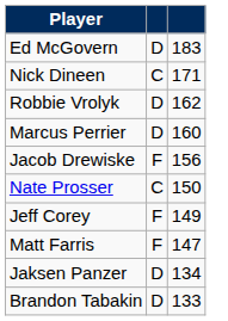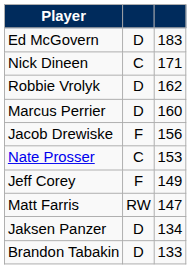 <table class="wikitable" style="text-align:center;">
 <tr>
 <th align="left" style="background:#002b5c; color:#FFFFFF;">Player</th>
 <th style="background:#002b5c; color:#FFFFFF;"></th>
 <th style="background:#002b5c; color:#FFFFFF;"></th>
 </tr>
 <tr>
 <td align="left">Ed McGovern</td>
 <td>D</td>
 <td>183</td>
 </tr>
 <tr>
 <td align="left">Nick Dineen</td>
 <td>C</td>
 <td>171</td>
 </tr>
 <tr>
 <td align="left">Robbie Vrolyk</td>
 <td>D</td>
 <td>162</td>
 </tr>
 <tr>
 <td align="left">Marcus Perrier</td>
 <td>D</td>
 <td>160</td>
 </tr>
 <tr>
 <td align="left">Jacob Drewiske</td>
 <td>F</td>
 <td>156</td>
 </tr>
 <tr>
 <td align="left"><a href='#'>Nate Prosser</a></td>
 <td>C</td>
-<td>150</td>
+<td>153</td>
 </tr>
 <tr>
 <td align="left">Jeff Corey</td>
 <td>F</td>
 <td>149</td>
 </tr>
 <tr>
 <td align="left">Matt Farris</td>
-<td>F</td>
+<td>RW</td>
 <td>147</td>
 </tr>
 <tr>
 <td align="left">Jaksen Panzer</td>
 <td>D</td>
 <td>134</td>
 </tr>
 <tr>
 <td align="left">Brandon Tabakin</td>
 <td>D</td>
 <td>133</td>
 </tr>
 </table>
